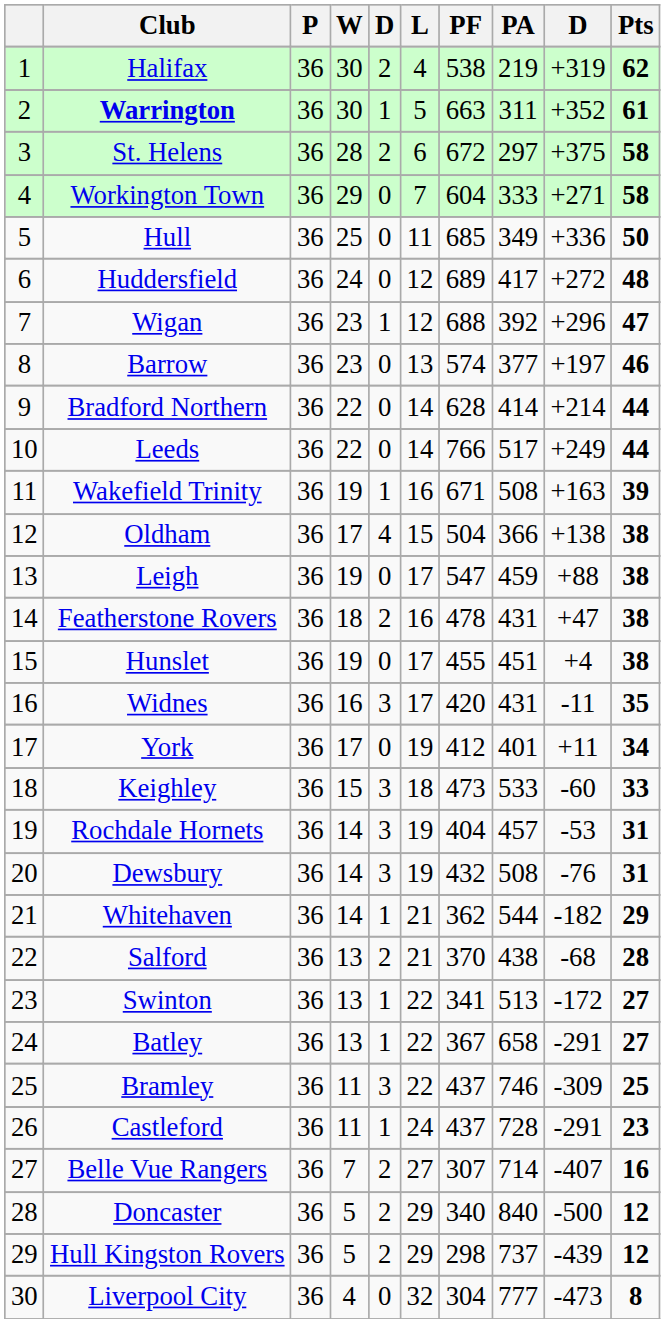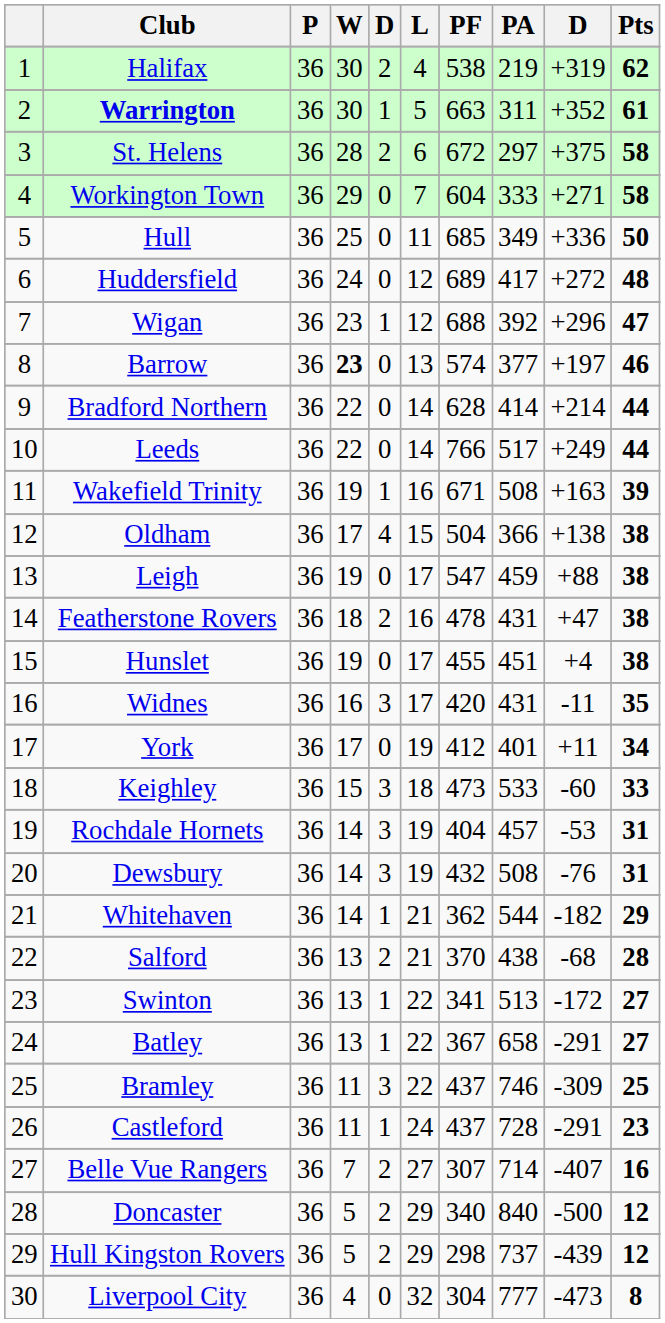 <table class="wikitable" style="text-align:center;">
 <tr>
 <th></th>
 <th>Club</th>
 <th>P</th>
 <th>W</th>
 <th>D</th>
 <th>L</th>
 <th>PF</th>
 <th>PA</th>
 <th>D</th>
 <th>Pts</th>
 </tr>
 <tr --->
 </tr>
 <tr align=center style="background:#ccffcc;">
 <td>1</td>
 <td><a href='#'>Halifax</a></td>
 <td>36</td>
 <td>30</td>
 <td>2</td>
 <td>4</td>
 <td>538</td>
 <td>219</td>
 <td>+319</td>
 <td><strong>62</strong></td>
 </tr>
 <tr --->
 </tr>
 <tr align=center style="background:#ccffcc;">
 <td>2</td>
 <td><strong><a href='#'>Warrington</a></strong></td>
 <td>36</td>
 <td>30</td>
 <td>1</td>
 <td>5</td>
 <td>663</td>
 <td>311</td>
 <td>+352</td>
 <td><strong>61</strong></td>
 </tr>
 <tr --->
 </tr>
 <tr align=center style="background:#ccffcc;">
 <td>3</td>
 <td><a href='#'>St. Helens</a></td>
 <td>36</td>
 <td>28</td>
 <td>2</td>
 <td>6</td>
 <td>672</td>
 <td>297</td>
 <td>+375</td>
 <td><strong>58</strong></td>
 </tr>
 <tr --->
 </tr>
 <tr align=center style="background:#ccffcc;">
 <td>4</td>
 <td><a href='#'>Workington Town</a></td>
 <td>36</td>
 <td>29</td>
 <td>0</td>
 <td>7</td>
 <td>604</td>
 <td>333</td>
 <td>+271</td>
 <td><strong>58</strong></td>
 </tr>
 <tr --->
 </tr>
 <tr align=center style="background:">
 <td>5</td>
 <td><a href='#'>Hull</a></td>
 <td>36</td>
 <td>25</td>
 <td>0</td>
 <td>11</td>
 <td>685</td>
 <td>349</td>
 <td>+336</td>
 <td><strong>50</strong></td>
 </tr>
 <tr --->
 </tr>
 <tr align=center style="background:">
 <td>6</td>
 <td><a href='#'>Huddersfield</a></td>
 <td>36</td>
 <td>24</td>
 <td>0</td>
 <td>12</td>
 <td>689</td>
 <td>417</td>
 <td>+272</td>
 <td><strong>48</strong></td>
 </tr>
 <tr --->
 </tr>
 <tr align=center style="background:">
 <td>7</td>
 <td><a href='#'>Wigan</a></td>
 <td>36</td>
 <td>23</td>
 <td>1</td>
 <td>12</td>
 <td>688</td>
 <td>392</td>
 <td>+296</td>
 <td><strong>47</strong></td>
 </tr>
 <tr --->
 </tr>
 <tr align=center style="background:">
 <td>8</td>
 <td><a href='#'>Barrow</a></td>
 <td>36</td>
-<td>23</td>
+<td><strong>23</strong></td>
 <td>0</td>
 <td>13</td>
 <td>574</td>
 <td>377</td>
 <td>+197</td>
 <td><strong>46</strong></td>
 </tr>
 <tr --->
 </tr>
 <tr align=center style="background:">
 <td>9</td>
 <td><a href='#'>Bradford Northern</a></td>
 <td>36</td>
 <td>22</td>
 <td>0</td>
 <td>14</td>
 <td>628</td>
 <td>414</td>
 <td>+214</td>
 <td><strong>44</strong></td>
 </tr>
 <tr --->
 </tr>
 <tr align=center style="background:">
 <td>10</td>
 <td><a href='#'>Leeds</a></td>
 <td>36</td>
 <td>22</td>
 <td>0</td>
 <td>14</td>
 <td>766</td>
 <td>517</td>
 <td>+249</td>
 <td><strong>44</strong></td>
 </tr>
 <tr --->
 </tr>
 <tr align=center style="background:">
 <td>11</td>
 <td><a href='#'>Wakefield Trinity</a></td>
 <td>36</td>
 <td>19</td>
 <td>1</td>
 <td>16</td>
 <td>671</td>
 <td>508</td>
 <td>+163</td>
 <td><strong>39</strong></td>
 </tr>
 <tr --->
 </tr>
 <tr align=center style="background:">
 <td>12</td>
 <td><a href='#'>Oldham</a></td>
 <td>36</td>
 <td>17</td>
 <td>4</td>
 <td>15</td>
 <td>504</td>
 <td>366</td>
 <td>+138</td>
 <td><strong>38</strong></td>
 </tr>
 <tr --->
 </tr>
 <tr align=center style="background:">
 <td>13</td>
 <td><a href='#'>Leigh</a></td>
 <td>36</td>
 <td>19</td>
 <td>0</td>
 <td>17</td>
 <td>547</td>
 <td>459</td>
 <td>+88</td>
 <td><strong>38</strong></td>
 </tr>
 <tr --->
 </tr>
 <tr align=center style="background:">
 <td>14</td>
 <td><a href='#'>Featherstone Rovers</a></td>
 <td>36</td>
 <td>18</td>
 <td>2</td>
 <td>16</td>
 <td>478</td>
 <td>431</td>
 <td>+47</td>
 <td><strong>38</strong></td>
 </tr>
 <tr --->
 </tr>
 <tr align=center style="background:">
 <td>15</td>
 <td><a href='#'>Hunslet</a></td>
 <td>36</td>
 <td>19</td>
 <td>0</td>
 <td>17</td>
 <td>455</td>
 <td>451</td>
 <td>+4</td>
 <td><strong>38</strong></td>
 </tr>
 <tr --->
 </tr>
 <tr align=center style="background:">
 <td>16</td>
 <td><a href='#'>Widnes</a></td>
 <td>36</td>
 <td>16</td>
 <td>3</td>
 <td>17</td>
 <td>420</td>
 <td>431</td>
 <td>-11</td>
 <td><strong>35</strong></td>
 </tr>
 <tr --->
 </tr>
 <tr align=center style="background:">
 <td>17</td>
 <td><a href='#'>York</a></td>
 <td>36</td>
 <td>17</td>
 <td>0</td>
 <td>19</td>
 <td>412</td>
 <td>401</td>
 <td>+11</td>
 <td><strong>34</strong></td>
 </tr>
 <tr --->
 </tr>
 <tr align=center style="background:">
 <td>18</td>
 <td><a href='#'>Keighley</a></td>
 <td>36</td>
 <td>15</td>
 <td>3</td>
 <td>18</td>
 <td>473</td>
 <td>533</td>
 <td>-60</td>
 <td><strong>33</strong></td>
 </tr>
 <tr --->
 </tr>
 <tr align=center style="background:">
 <td>19</td>
 <td><a href='#'>Rochdale Hornets</a></td>
 <td>36</td>
 <td>14</td>
 <td>3</td>
 <td>19</td>
 <td>404</td>
 <td>457</td>
 <td>-53</td>
 <td><strong>31</strong></td>
 </tr>
 <tr --->
 </tr>
 <tr align=center style="background:">
 <td>20</td>
 <td><a href='#'>Dewsbury</a></td>
 <td>36</td>
 <td>14</td>
 <td>3</td>
 <td>19</td>
 <td>432</td>
 <td>508</td>
 <td>-76</td>
 <td><strong>31</strong></td>
 </tr>
 <tr --->
 </tr>
 <tr align=center style="background:">
 <td>21</td>
 <td><a href='#'>Whitehaven</a></td>
 <td>36</td>
 <td>14</td>
 <td>1</td>
 <td>21</td>
 <td>362</td>
 <td>544</td>
 <td>-182</td>
 <td><strong>29</strong></td>
 </tr>
 <tr --->
 </tr>
 <tr align=center style="background:">
 <td>22</td>
 <td><a href='#'>Salford</a></td>
 <td>36</td>
 <td>13</td>
 <td>2</td>
 <td>21</td>
 <td>370</td>
 <td>438</td>
 <td>-68</td>
 <td><strong>28</strong></td>
 </tr>
 <tr --->
 </tr>
 <tr align=center style="background:">
 <td>23</td>
 <td><a href='#'>Swinton</a></td>
 <td>36</td>
 <td>13</td>
 <td>1</td>
 <td>22</td>
 <td>341</td>
 <td>513</td>
 <td>-172</td>
 <td><strong>27</strong></td>
 </tr>
 <tr --->
 </tr>
 <tr align=center style="background:">
 <td>24</td>
 <td><a href='#'>Batley</a></td>
 <td>36</td>
 <td>13</td>
 <td>1</td>
 <td>22</td>
 <td>367</td>
 <td>658</td>
 <td>-291</td>
 <td><strong>27</strong></td>
 </tr>
 <tr --->
 </tr>
 <tr align=center style="background:">
 <td>25</td>
 <td><a href='#'>Bramley</a></td>
 <td>36</td>
 <td>11</td>
 <td>3</td>
 <td>22</td>
 <td>437</td>
 <td>746</td>
 <td>-309</td>
 <td><strong>25</strong></td>
 </tr>
 <tr --->
 </tr>
 <tr align=center style="background:">
 <td>26</td>
 <td><a href='#'>Castleford</a></td>
 <td>36</td>
 <td>11</td>
 <td>1</td>
 <td>24</td>
 <td>437</td>
 <td>728</td>
 <td>-291</td>
 <td><strong>23</strong></td>
 </tr>
 <tr --->
 </tr>
 <tr align=center style="background:">
 <td>27</td>
 <td><a href='#'>Belle Vue Rangers</a></td>
 <td>36</td>
 <td>7</td>
 <td>2</td>
 <td>27</td>
 <td>307</td>
 <td>714</td>
 <td>-407</td>
 <td><strong>16</strong></td>
 </tr>
 <tr --->
 </tr>
 <tr align=center style="background:">
 <td>28</td>
 <td><a href='#'>Doncaster</a></td>
 <td>36</td>
 <td>5</td>
 <td>2</td>
 <td>29</td>
 <td>340</td>
 <td>840</td>
 <td>-500</td>
 <td><strong>12</strong></td>
 </tr>
 <tr --->
 </tr>
 <tr align=center style="background:">
 <td>29</td>
 <td><a href='#'>Hull Kingston Rovers</a></td>
 <td>36</td>
 <td>5</td>
 <td>2</td>
 <td>29</td>
 <td>298</td>
 <td>737</td>
 <td>-439</td>
 <td><strong>12</strong></td>
 </tr>
 <tr --->
 </tr>
 <tr align=center style="background:">
 <td>30</td>
 <td><a href='#'>Liverpool City</a></td>
 <td>36</td>
 <td>4</td>
 <td>0</td>
 <td>32</td>
 <td>304</td>
 <td>777</td>
 <td>-473</td>
 <td><strong>8</strong></td>
 </tr>
 <tr --->
 </tr>
 </table>
